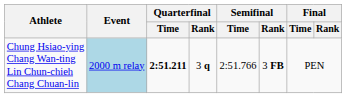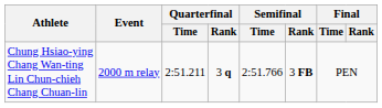 <table class="wikitable" style="font-size:90%">
 <tr>
 <th rowspan=2>Athlete</th>
 <th rowspan=2>Event</th>
 <th colspan=2>Quarterfinal</th>
 <th colspan=2>Semifinal</th>
 <th colspan=2>Final</th>
 </tr>
 <tr style="font-size:95%">
 <th>Time</th>
 <th>Rank</th>
 <th>Time</th>
 <th>Rank</th>
 <th>Time</th>
 <th>Rank</th>
 </tr>
 <tr align=center>
 <td align=left><a href='#'>Chung Hsiao-ying</a><br><a href='#'>Chang Wan-ting</a><br><a href='#'>Lin Chun-chieh</a><br><a href='#'>Chang Chuan-lin</a></td>
-<td align=left style="background: lightblue;"><a href='#'>2000 m relay</a></td>
-<td><strong>2:51.211</strong></td>
+<td align=left><a href='#'>2000 m relay</a></td>
+<td>2:51.211</td>
 <td>3 <strong>q</strong></td>
 <td>2:51.766</td>
 <td>3 <strong>FB</strong></td>
 <td colspan=2>PEN</td>
 </tr>
 </table>
